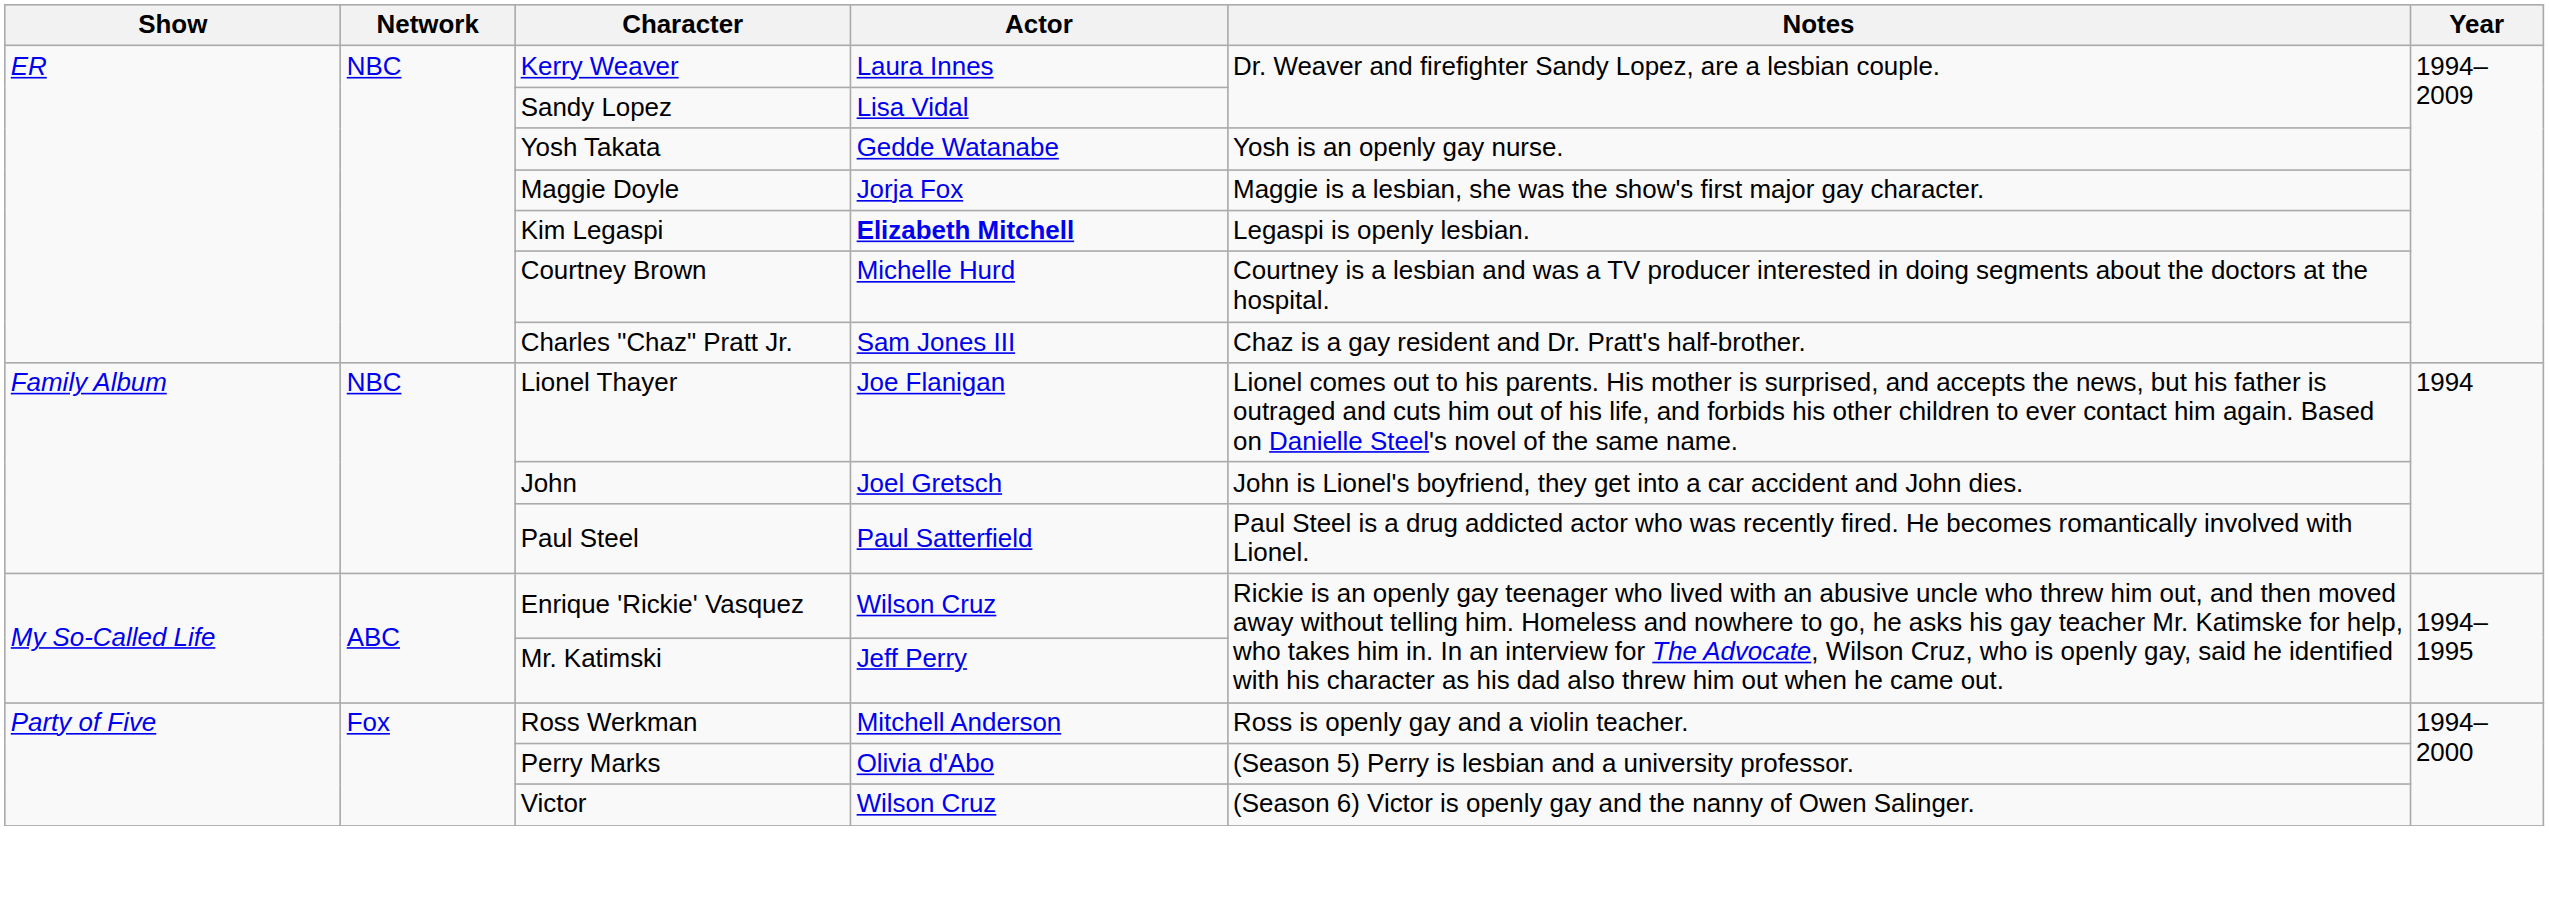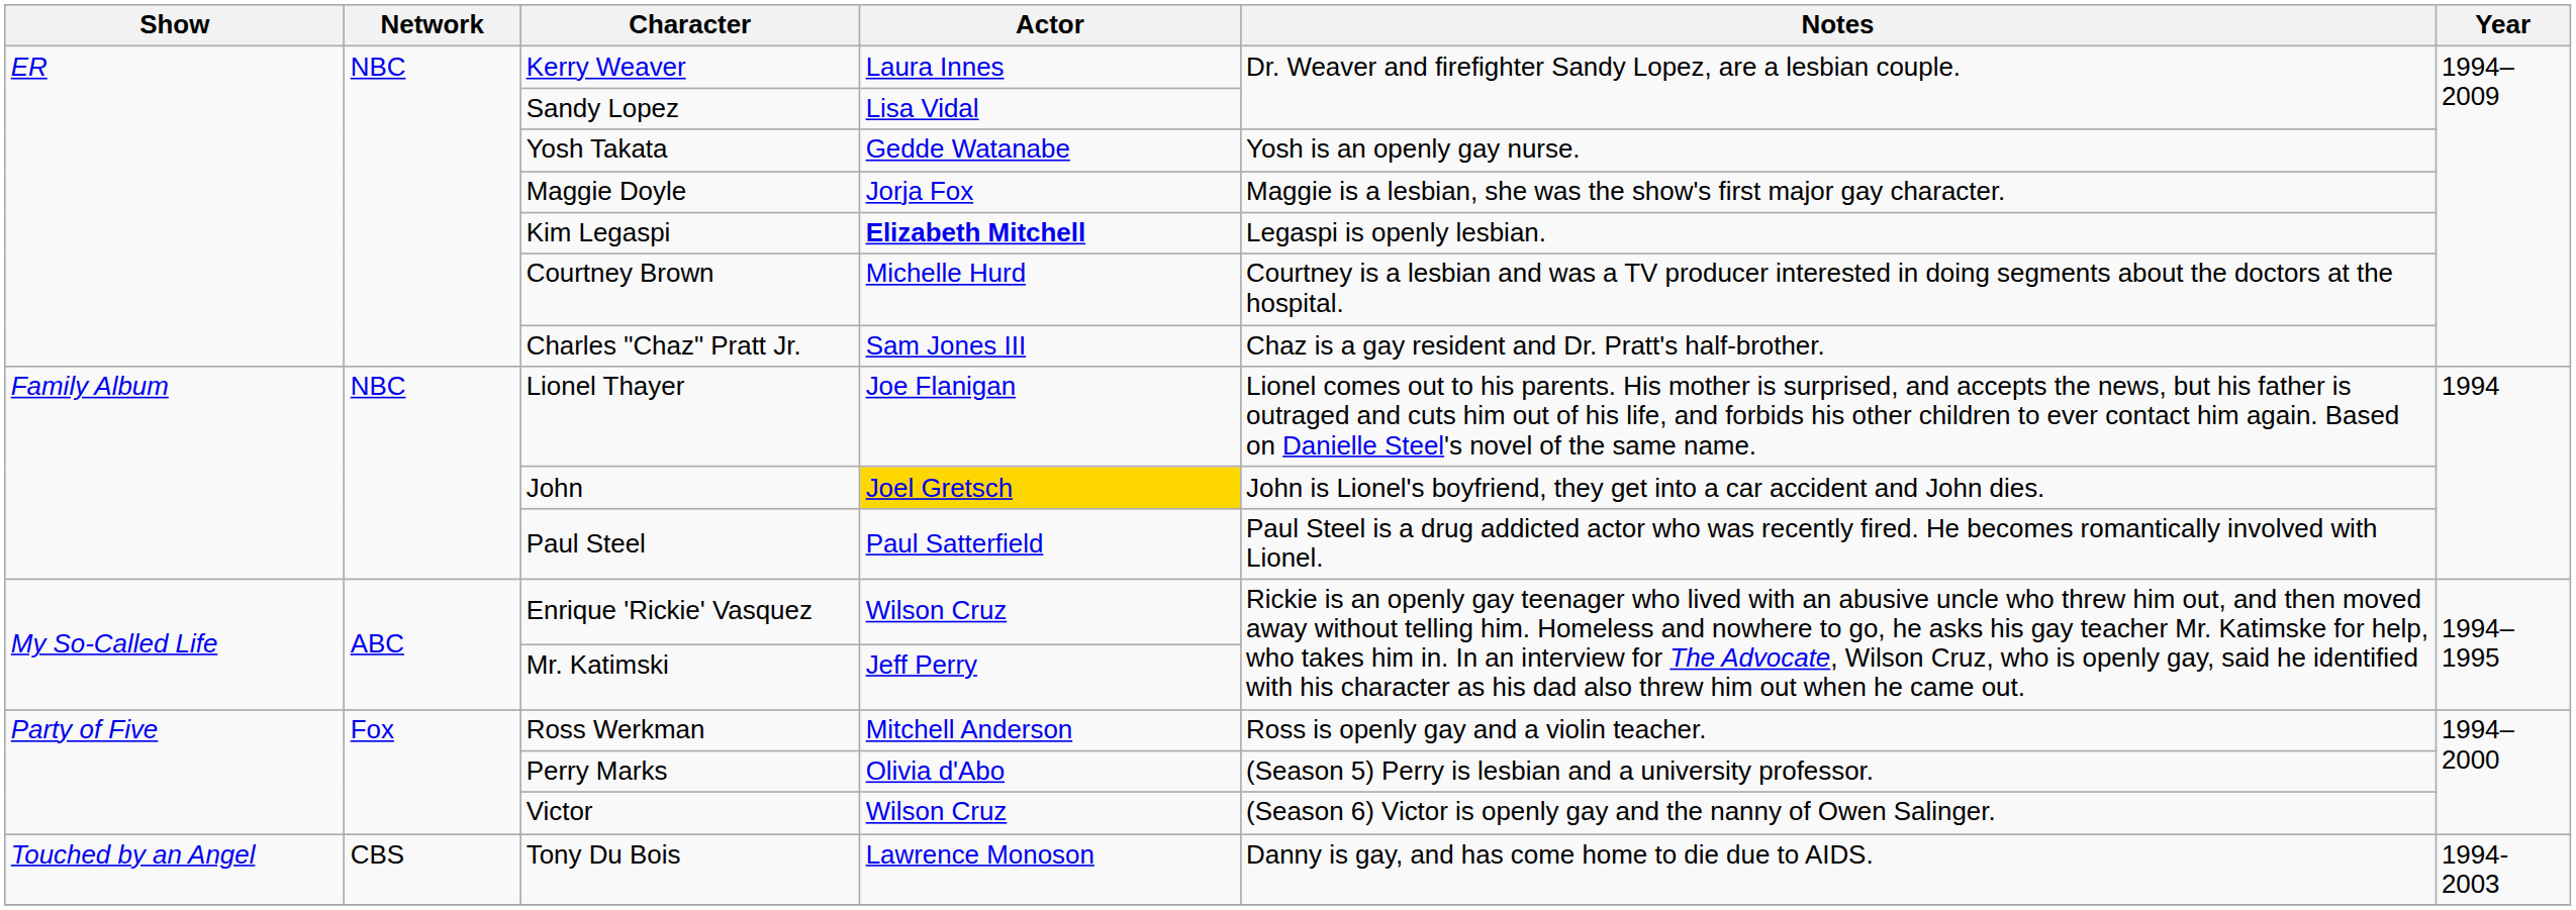 <table class="sortable wikitable" style="margins:auto; width=100%;">
 <tr>
 <th style="width:200px;">Show</th>
 <th style="width:100px;">Network</th>
 <th style="width:200px;">Character</th>
 <th style="width:225px;">Actor</th>
 <th>Notes</th>
 <th style="width:75px;">Year</th>
 </tr>
 <tr valign="top">
 <td rowspan="7"><em><a href='#'>ER</a></em></td>
 <td rowspan="7"><a href='#'>NBC</a></td>
 <td><a href='#'>Kerry Weaver</a></td>
 <td><a href='#'>Laura Innes</a></td>
 <td rowspan="2">Dr. Weaver and firefighter Sandy Lopez, are a lesbian couple.</td>
 <td rowspan="7">1994–2009</td>
 </tr>
 <tr valign="top">
 <td>Sandy Lopez</td>
 <td><a href='#'>Lisa Vidal</a></td>
 </tr>
 <tr valign="top">
 <td>Yosh Takata</td>
 <td><a href='#'>Gedde Watanabe</a></td>
 <td>Yosh is an openly gay nurse.</td>
 </tr>
 <tr valign="top">
 <td>Maggie Doyle</td>
 <td><a href='#'>Jorja Fox</a></td>
 <td>Maggie is a lesbian, she was the show's first major gay character.</td>
 </tr>
 <tr valign="top">
 <td>Kim Legaspi</td>
 <td><strong><a href='#'>Elizabeth Mitchell</a></strong></td>
 <td>Legaspi is openly lesbian.</td>
 </tr>
 <tr valign="top">
 <td>Courtney Brown</td>
 <td><a href='#'>Michelle Hurd</a></td>
 <td>Courtney is a lesbian and was a TV producer interested in doing segments about the doctors at the hospital.</td>
 </tr>
 <tr valign="top">
 <td>Charles "Chaz" Pratt Jr.</td>
 <td><a href='#'>Sam Jones III</a></td>
 <td>Chaz is a gay resident and Dr. Pratt's half-brother.</td>
 </tr>
 <tr valign="top">
 <td rowspan="3"><em><a href='#'>Family Album</a></em></td>
 <td rowspan="3"><a href='#'>NBC</a></td>
 <td>Lionel Thayer</td>
 <td><a href='#'>Joe Flanigan</a></td>
 <td>Lionel comes out to his parents. His mother is surprised, and accepts the news, but his father is outraged and cuts him out of his life, and forbids his other children to ever contact him again. Based on <a href='#'>Danielle Steel</a>'s novel of the same name.</td>
 <td rowspan="3">1994</td>
 </tr>
 <tr>
 <td>John</td>
-<td><a href='#'>Joel Gretsch</a></td>
+<td style="background: gold;"><a href='#'>Joel Gretsch</a></td>
 <td>John is Lionel's boyfriend, they get into a car accident and John dies.</td>
 </tr>
 <tr>
 <td>Paul Steel</td>
 <td><a href='#'>Paul Satterfield</a></td>
 <td>Paul Steel is a drug addicted actor who was recently fired. He becomes romantically involved with Lionel.</td>
 </tr>
 <tr>
 <td rowspan="2"><em><a href='#'>My So-Called Life</a></em></td>
 <td rowspan="2"><a href='#'>ABC</a></td>
 <td>Enrique 'Rickie' Vasquez</td>
 <td><a href='#'>Wilson Cruz</a></td>
 <td rowspan="2">Rickie is an openly gay teenager who lived with an abusive uncle who threw him out, and then moved away without telling him. Homeless and nowhere to go, he asks his gay teacher Mr. Katimske for help, who takes him in. In an interview for <em><a href='#'>The Advocate</a></em>, Wilson Cruz, who is openly gay, said he identified with his character as his dad also threw him out when he came out.</td>
 <td rowspan="2">1994–1995</td>
 </tr>
 <tr valign="top">
 <td>Mr. Katimski</td>
 <td><a href='#'>Jeff Perry</a></td>
 </tr>
 <tr valign="top">
 <td rowspan="3"><em><a href='#'>Party of Five</a></em></td>
 <td rowspan="3"><a href='#'>Fox</a></td>
 <td>Ross Werkman</td>
 <td><a href='#'>Mitchell Anderson</a></td>
 <td>Ross is openly gay and a violin teacher.</td>
 <td rowspan="3">1994–2000</td>
 </tr>
 <tr valign="top">
 <td>Perry Marks</td>
 <td><a href='#'>Olivia d'Abo</a></td>
 <td>(Season 5) Perry is lesbian and a university professor.</td>
 </tr>
 <tr valign="top">
 <td>Victor</td>
 <td><a href='#'>Wilson Cruz</a></td>
 <td>(Season 6) Victor is openly gay and the nanny of Owen Salinger.</td>
 </tr>
 <tr valign="top">
+<td><em><a href='#'>Touched by an Angel</a></em></td>
+<td>CBS</td>
+<td>Tony Du Bois</td>
+<td><a href='#'>Lawrence Monoson</a></td>
+<td>Danny is gay, and has come home to die due to AIDS.</td>
+<td>1994-2003</td>
+</tr>
+<tr valign="top">
 </tr>
 </table>
